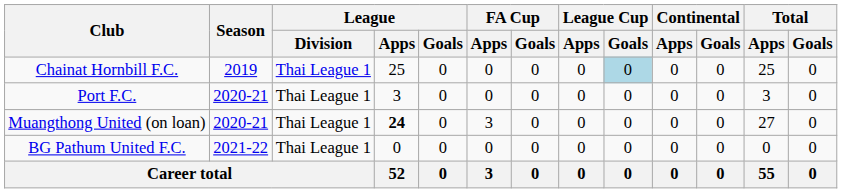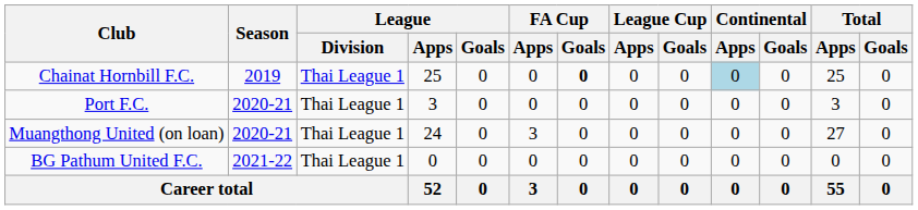 <table class="wikitable" style="text-align: center">
 <tr>
 <th rowspan="2">Club</th>
 <th rowspan="2">Season</th>
 <th colspan="3">League</th>
 <th colspan="2">FA Cup</th>
 <th colspan="2">League Cup</th>
 <th colspan="2">Continental</th>
 <th colspan="2">Total</th>
 </tr>
 <tr>
 <th>Division</th>
 <th>Apps</th>
 <th>Goals</th>
 <th>Apps</th>
 <th>Goals</th>
 <th>Apps</th>
 <th>Goals</th>
 <th>Apps</th>
 <th>Goals</th>
 <th>Apps</th>
 <th>Goals</th>
 </tr>
 <tr>
 <td><a href='#'>Chainat Hornbill F.C.</a></td>
 <td><a href='#'>2019</a></td>
 <td><a href='#'>Thai League 1</a></td>
 <td>25</td>
 <td>0</td>
 <td>0</td>
+<td><strong>0</strong></td>
 <td>0</td>
 <td>0</td>
 <td style="background: lightblue;">0</td>
-<td>0</td>
 <td>0</td>
 <td>25</td>
 <td>0</td>
 </tr>
 <tr>
 <td><a href='#'>Port F.C.</a></td>
 <td><a href='#'>2020-21</a></td>
 <td>Thai League 1</td>
 <td>3</td>
 <td>0</td>
 <td>0</td>
 <td>0</td>
 <td>0</td>
 <td>0</td>
 <td>0</td>
 <td>0</td>
 <td>3</td>
 <td>0</td>
 </tr>
 <tr>
 <td><a href='#'>Muangthong United</a> (on loan)</td>
 <td><a href='#'>2020-21</a></td>
 <td>Thai League 1</td>
-<td><strong>24</strong></td>
+<td>24</td>
 <td>0</td>
 <td>3</td>
 <td>0</td>
 <td>0</td>
 <td>0</td>
 <td>0</td>
 <td>0</td>
 <td>27</td>
 <td>0</td>
 </tr>
 <tr>
 <td><a href='#'>BG Pathum United F.C.</a></td>
 <td><a href='#'>2021-22</a></td>
 <td>Thai League 1</td>
 <td>0</td>
 <td>0</td>
 <td>0</td>
 <td>0</td>
 <td>0</td>
 <td>0</td>
 <td>0</td>
 <td>0</td>
 <td>0</td>
 <td>0</td>
 </tr>
 <tr>
 <th colspan="3">Career total</th>
 <th>52</th>
 <th>0</th>
 <th>3</th>
 <th>0</th>
 <th>0</th>
 <th>0</th>
 <th>0</th>
 <th>0</th>
 <th>55</th>
 <th>0</th>
 </tr>
 </table>
